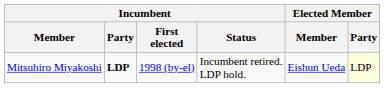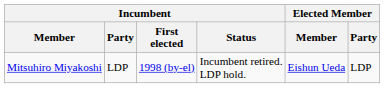 <table class="wikitable sortable">
 <tr>
 <th colspan=4>Incumbent</th>
 <th colspan=2>Elected Member</th>
 </tr>
 <tr>
 <th>Member</th>
 <th>Party</th>
 <th>First<br>elected</th>
 <th>Status</th>
 <th>Member</th>
 <th>Party</th>
 </tr>
 <tr>
 <td><a href='#'>Mitsuhiro Miyakoshi</a></td>
-<td><strong>LDP</strong></td>
+<td>LDP</td>
 <td><a href='#'>1998 (by-el)</a></td>
 <td>Incumbent retired.<br>LDP hold.</td>
 <td><a href='#'>Eishun Ueda</a></td>
-<td style="background: lightyellow;">LDP</td>
+<td>LDP</td>
 </tr>
 </table>
